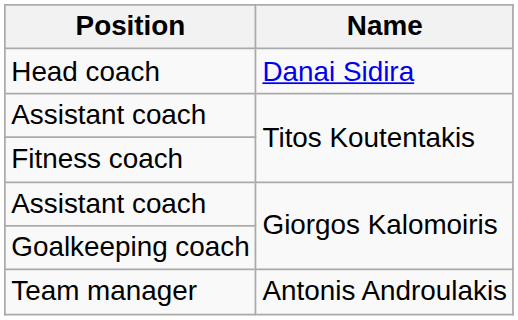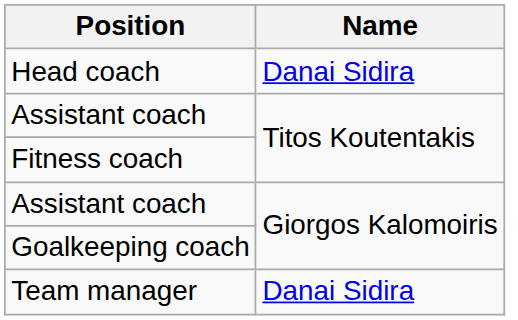 <table class="wikitable">
 <tr>
 <th>Position</th>
 <th>Name</th>
 </tr>
 <tr>
 <td>Head coach</td>
 <td> <a href='#'>Danai Sidira</a></td>
 </tr>
 <tr>
 <td>Assistant coach</td>
 <td rowspan="2"> Titos Koutentakis</td>
 </tr>
 <tr>
 <td>Fitness coach</td>
 </tr>
 <tr>
 <td>Assistant coach</td>
 <td rowspan="2"> Giorgos Kalomoiris</td>
 </tr>
 <tr>
 <td>Goalkeeping coach</td>
 </tr>
 <tr>
 <td>Team manager</td>
-<td> Antonis Androulakis</td>
+<td> <a href='#'>Danai Sidira</a></td>
 </tr>
 </table>
